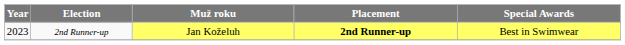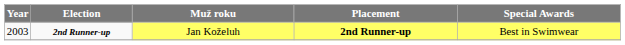 <table class="wikitable sortable" style="font-size: 95%; text-align:center">
 <tr>
 <th width="30" style="background-color:#787878;color:#FFFFFF;">Year</th>
 <th width="150" style="background-color:#787878;color:#FFFFFF;">Election</th>
 <th width="250" style="background-color:#787878;color:#FFFFFF;">Muž roku</th>
 <th width="250" style="background-color:#787878;color:#FFFFFF;">Placement</th>
 <th width="250" style="background-color:#787878;color:#FFFFFF;">Special Awards</th>
 </tr>
 <tr>
-<td>2023</td>
-<td><small><em>2nd Runner-up</em></small></td>
+<td>2003</td>
+<td><strong><small><em>2nd Runner-up</em></small></strong></td>
 <td style="background:#FFFF66;">Jan Koželuh</td>
 <td style="background:#FFFF66;"><strong>2nd Runner-up</strong></td>
 <td style="background:#FFFF66;">Best in Swimwear</td>
 </tr>
 <tr>
 </tr>
 </table>
